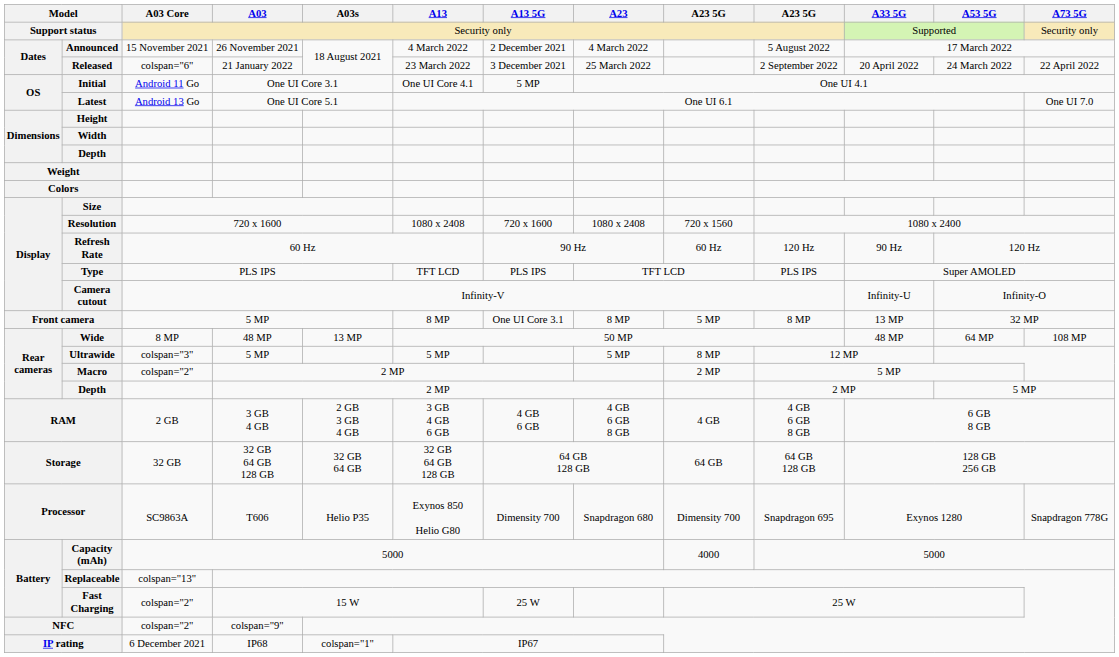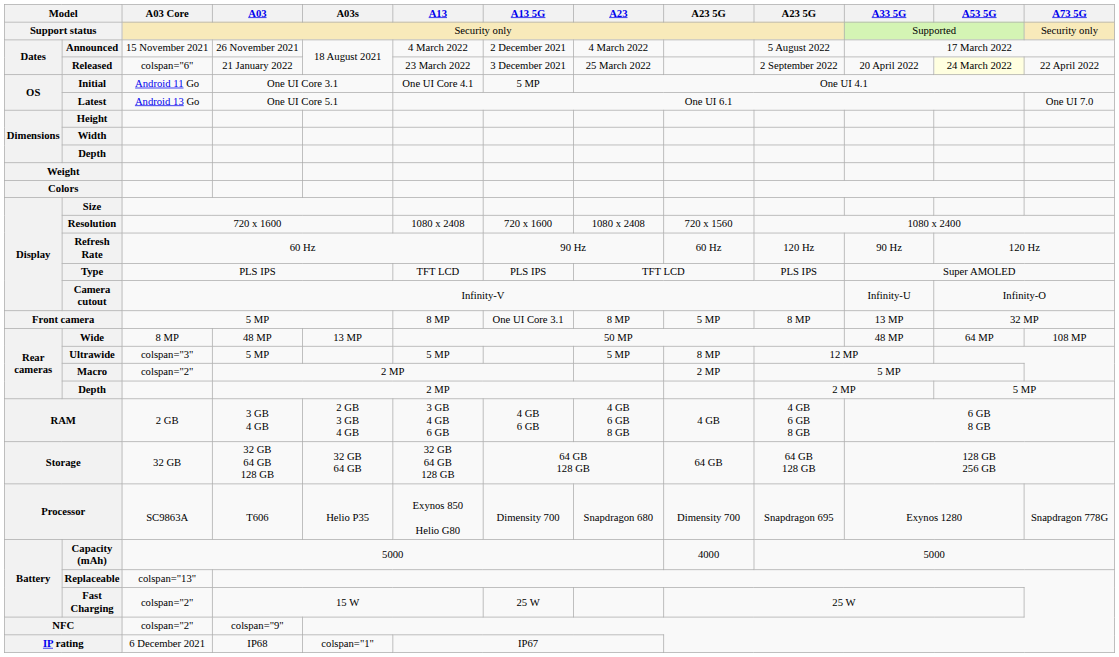 <table class="wikitable" style="text-align:center; font-size:90%;">
 <tr>
 <th colspan="2">Model</th>
 <th style="min-width: 8em">A03 Core</th>
 <th style="min-width: 8em"><a href='#'>A03</a></th>
 <th style="min-width: 8em">A03s</th>
 <th style="min-width: 8em"><a href='#'>A13</a></th>
 <th style="min-width: 8em"><a href='#'>A13 5G</a></th>
 <th style="min-width: 8em"><a href='#'>A23</a></th>
 <th style="min-width: 8em">A23 5G<br></th>
 <th style="min-width: 8em">A23 5G</th>
 <th style="min-width: 8em"><a href='#'>A33 5G</a></th>
 <th style="min-width: 8em"><a href='#'>A53 5G</a></th>
 <th style="min-width: 8em"><a href='#'>A73 5G</a></th>
 </tr>
 <tr>
 <th colspan="2">Support status</th>
 <td style="background:#f8eaba" colspan="8">Security only</td>
 <td style="background:#d4f4b4" colspan="2">Supported</td>
 <td style="background:#f8eaba" colspan="1">Security only</td>
 </tr>
 <tr>
 <th rowspan="2">Dates</th>
 <th>Announced</th>
 <td>15 November 2021</td>
 <td>26 November 2021</td>
 <td rowspan="2">18 August 2021</td>
 <td>4 March 2022</td>
 <td>2 December 2021</td>
 <td>4 March 2022</td>
 <td></td>
 <td>5 August 2022</td>
 <td colspan="3">17 March 2022</td>
 </tr>
 <tr>
 <th>Released</th>
 <td>colspan="6" </td>
 <td>21 January 2022</td>
 <td>23 March 2022</td>
 <td>3 December 2021</td>
 <td>25 March 2022</td>
 <td></td>
 <td>2 September 2022</td>
 <td>20 April 2022</td>
-<td>24 March 2022</td>
+<td style="background: lightyellow;">24 March 2022</td>
 <td>22 April 2022</td>
 </tr>
 <tr>
 <th rowspan="2">OS</th>
 <th>Initial</th>
 <td rowspan="1"><a href='#'>Android 11</a> Go</td>
 <td colspan="2">One UI Core 3.1<br></td>
 <td>One UI Core 4.1<br></td>
 <td>5 MP</td>
 <td colspan="6">One UI 4.1<br></td>
 </tr>
 <tr>
 <th>Latest</th>
 <td rowspan="1"><a href='#'>Android 13</a> Go</td>
 <td colspan="2">One UI Core 5.1<br></td>
 <td colspan="7">One UI 6.1<br></td>
 <td colspan="1">One UI 7.0<br></td>
 </tr>
 <tr>
 <th rowspan="3">Dimensions<br></th>
 <th>Height</th>
 <td></td>
 <td></td>
 <td></td>
 <td></td>
 <td></td>
 <td></td>
 <td></td>
 <td></td>
 <td></td>
 <td></td>
 <td></td>
 </tr>
 <tr>
 <th>Width</th>
 <td></td>
 <td></td>
 <td></td>
 <td></td>
 <td></td>
 <td></td>
 <td></td>
 <td></td>
 <td></td>
 <td></td>
 <td></td>
 </tr>
 <tr>
 <th>Depth</th>
 <td></td>
 <td></td>
 <td></td>
 <td></td>
 <td></td>
 <td></td>
 <td></td>
 <td></td>
 <td></td>
 <td></td>
 <td></td>
 </tr>
 <tr>
 <th colspan="2">Weight<br></th>
 <td></td>
 <td></td>
 <td></td>
 <td></td>
 <td></td>
 <td></td>
 <td></td>
 <td></td>
 <td></td>
 <td></td>
 <td></td>
 </tr>
 <tr>
 <th colspan="2">Colors</th>
 <td> </td>
 <td>  </td>
 <td>  </td>
 <td>   </td>
 <td>  </td>
 <td>   </td>
 <td>  </td>
 <td colspan="3">   </td>
 <td>  </td>
 </tr>
 <tr>
 <th rowspan="5">Display</th>
 <th>Size</th>
 <td colspan="3"></td>
 <td></td>
 <td></td>
 <td></td>
 <td></td>
 <td></td>
 <td></td>
 <td></td>
 <td></td>
 </tr>
 <tr>
 <th>Resolution</th>
 <td colspan="3">720 x 1600</td>
 <td>1080 x 2408</td>
 <td>720 x 1600</td>
 <td>1080 x 2408</td>
 <td>720 x 1560</td>
 <td colspan="4">1080 x 2400</td>
 </tr>
 <tr>
 <th>Refresh Rate</th>
 <td colspan="4">60 Hz</td>
 <td colspan="2">90 Hz</td>
 <td>60 Hz</td>
 <td>120 Hz</td>
 <td>90 Hz</td>
 <td colspan="2">120 Hz</td>
 </tr>
 <tr>
 <th>Type</th>
 <td colspan="3">PLS IPS</td>
 <td>TFT LCD</td>
 <td>PLS IPS</td>
 <td colspan="2">TFT LCD</td>
 <td>PLS IPS</td>
 <td colspan="3">Super AMOLED</td>
 </tr>
 <tr>
 <th>Camera cutout</th>
 <td colspan="8">Infinity-V</td>
 <td>Infinity-U</td>
 <td colspan="2">Infinity-O</td>
 </tr>
 <tr>
 <th colspan="2">Front camera</th>
 <td colspan="3">5 MP</td>
 <td>8 MP</td>
 <td>One UI Core 3.1<br></td>
 <td>8 MP</td>
 <td>5 MP</td>
 <td>8 MP</td>
 <td>13 MP</td>
 <td colspan="2">32 MP</td>
 </tr>
 <tr>
 <th rowspan="4">Rear cameras</th>
 <th>Wide</th>
 <td>8 MP</td>
 <td>48 MP</td>
 <td>13 MP</td>
 <td colspan="5">50 MP</td>
 <td>48 MP</td>
 <td>64 MP</td>
 <td>108 MP</td>
 </tr>
 <tr>
 <th>Ultrawide</th>
 <td>colspan="3" </td>
 <td>5 MP</td>
 <td></td>
 <td>5 MP</td>
 <td></td>
 <td>5 MP</td>
 <td>8 MP</td>
 <td colspan="2">12 MP</td>
 </tr>
 <tr>
 <th>Macro</th>
 <td>colspan="2" </td>
 <td colspan="4">2 MP</td>
 <td></td>
 <td>2 MP</td>
 <td colspan="3">5 MP</td>
 </tr>
 <tr>
 <th>Depth</th>
 <td></td>
 <td colspan="5">2 MP</td>
 <td></td>
 <td colspan="2">2 MP</td>
 <td colspan="2">5 MP</td>
 </tr>
 <tr>
 <th colspan="2">RAM</th>
 <td>2 GB</td>
 <td>3 GB<br>4 GB</td>
 <td>2 GB<br>3 GB<br>4 GB</td>
 <td>3 GB<br>4 GB<br>6 GB</td>
 <td>4 GB<br>6 GB</td>
 <td>4 GB<br>6 GB<br>8 GB</td>
 <td>4 GB</td>
 <td>4 GB<br>6 GB<br>8 GB</td>
 <td colspan="3">6 GB<br>8 GB</td>
 </tr>
 <tr>
 <th colspan="2">Storage</th>
 <td>32 GB</td>
 <td>32 GB<br>64 GB<br>128 GB</td>
 <td>32 GB<br>64 GB</td>
 <td>32 GB<br>64 GB<br>128 GB</td>
 <td colspan="2">64 GB<br>128 GB</td>
 <td>64 GB</td>
 <td>64 GB<br>128 GB</td>
 <td colspan="3">128 GB<br>256 GB</td>
 </tr>
 <tr>
 <th colspan="2">Processor</th>
 <td><br>SC9863A</td>
 <td><br>T606</td>
 <td><br>Helio P35</td>
 <td><br>Exynos 850<br><br>Helio G80</td>
 <td><br>Dimensity 700</td>
 <td><br>Snapdragon 680</td>
 <td><br>Dimensity 700</td>
 <td><br>Snapdragon 695</td>
 <td colspan="2"><br>Exynos 1280</td>
 <td><br>Snapdragon 778G</td>
 </tr>
 <tr>
 <th rowspan="3">Battery</th>
 <th>Capacity (mAh)</th>
 <td colspan="6">5000</td>
 <td>4000</td>
 <td colspan="4">5000</td>
 </tr>
 <tr>
 <th>Replaceable</th>
 <td>colspan="13" </td>
 </tr>
 <tr>
 <th>Fast Charging</th>
 <td>colspan="2" </td>
 <td colspan="3">15 W</td>
 <td>25 W</td>
 <td></td>
 <td colspan="4">25 W</td>
 </tr>
 <tr>
 <th colspan="2">NFC</th>
 <td>colspan="2" </td>
 <td>colspan="9" </td>
 </tr>
 <tr>
 <th colspan="2"><a href='#'>IP</a> rating</th>
 <td>6 December 2021</td>
 <td colspan="1">IP68</td>
 <td>colspan="1" </td>
 <td colspan="3">IP67</td>
 </tr>
 </table>
